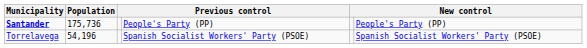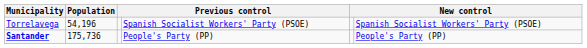 <table class="wikitable sortable">
 <tr>
 <th>Municipality</th>
 <th>Population</th>
 <th colspan="2" style="width:375px;">Previous control</th>
 <th colspan="2" style="width:375px;">New control</th>
+</tr>
+<tr>
+<td><a href='#'>Torrelavega</a></td>
+<td>54,196</td>
+<td style="color:inherit;background:"></td>
+<td><a href='#'>Spanish Socialist Workers' Party</a> (PSOE)</td>
+<td style="color:inherit;background:"></td>
+<td><a href='#'>Spanish Socialist Workers' Party</a> (PSOE)</td>
 </tr>
 <tr>
 <td><strong><a href='#'>Santander</a></strong></td>
 <td>175,736</td>
 <td width="1" style="color:inherit;background:"></td>
 <td><a href='#'>People's Party</a> (PP)</td>
 <td width="1" style="color:inherit;background:"></td>
 <td><a href='#'>People's Party</a> (PP)</td>
 </tr>
-<tr>
-<td><a href='#'>Torrelavega</a></td>
-<td>54,196</td>
-<td style="color:inherit;background:"></td>
-<td><a href='#'>Spanish Socialist Workers' Party</a> (PSOE)</td>
-<td style="color:inherit;background:"></td>
-<td><a href='#'>Spanish Socialist Workers' Party</a> (PSOE)</td>
-</tr>
 </table>
